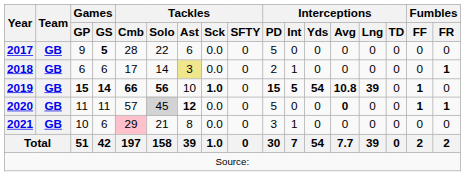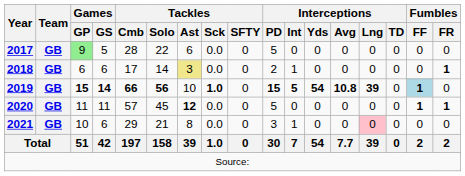 <table class="wikitable" style="text-align: center;">
 <tr>
 <th rowspan="2">Year</th>
 <th rowspan="2">Team</th>
 <th colspan="2">Games</th>
 <th colspan="5">Tackles</th>
 <th colspan="6">Interceptions</th>
 <th colspan="2">Fumbles</th>
 </tr>
 <tr>
 <th>GP</th>
 <th>GS</th>
 <th>Cmb</th>
 <th>Solo</th>
 <th>Ast</th>
 <th>Sck</th>
 <th>SFTY</th>
 <th>PD</th>
 <th>Int</th>
 <th>Yds</th>
 <th>Avg</th>
 <th>Lng</th>
 <th>TD</th>
 <th>FF</th>
 <th>FR</th>
 </tr>
 <tr>
 <th><a href='#'>2017</a></th>
 <th><a href='#'>GB</a></th>
-<td>9</td>
-<td><strong>5</strong></td>
+<td style="background: lightgreen;">9</td>
+<td>5</td>
 <td>28</td>
 <td>22</td>
 <td>6</td>
 <td>0.0</td>
 <td>0</td>
 <td>5</td>
 <td>0</td>
 <td>0</td>
 <td>0</td>
 <td>0</td>
 <td>0</td>
 <td>0</td>
 <td>0</td>
 </tr>
 <tr>
 <th><a href='#'>2018</a></th>
 <th><a href='#'>GB</a></th>
 <td>6</td>
 <td>6</td>
 <td>17</td>
 <td>14</td>
 <td style="background: khaki;">3</td>
 <td>0.0</td>
 <td>0</td>
 <td>2</td>
 <td>1</td>
 <td>0</td>
 <td>0</td>
 <td>0</td>
 <td>0</td>
 <td>0</td>
 <td><strong>1</strong></td>
 </tr>
 <tr>
 <th><a href='#'>2019</a></th>
 <th><a href='#'>GB</a></th>
 <td><strong>15</strong></td>
 <td><strong>14</strong></td>
 <td><strong>66</strong></td>
 <td><strong>56</strong></td>
 <td>10</td>
 <td><strong>1.0</strong></td>
 <td>0</td>
 <td><strong>15</strong></td>
 <td><strong>5</strong></td>
 <td><strong>54</strong></td>
 <td><strong>10.8</strong></td>
 <td><strong>39</strong></td>
 <td>0</td>
-<td><strong>1</strong></td>
+<td style="background: lightblue;"><strong>1</strong></td>
 <td>0</td>
 </tr>
 <tr>
 <th><a href='#'>2020</a></th>
 <th><a href='#'>GB</a></th>
 <td>11</td>
 <td>11</td>
 <td>57</td>
-<td style="background: lightgrey;">45</td>
+<td>45</td>
 <td><strong>12</strong></td>
 <td>0.0</td>
 <td>0</td>
 <td>5</td>
 <td>0</td>
 <td>0</td>
-<td><strong>0</strong></td>
+<td>0</td>
 <td>0</td>
 <td>0</td>
 <td><strong>1</strong></td>
 <td><strong>1</strong></td>
 </tr>
 <tr>
 <th><a href='#'>2021</a></th>
 <th><a href='#'>GB</a></th>
 <td>10</td>
 <td>6</td>
-<td style="background: pink;">29</td>
+<td>29</td>
 <td>21</td>
 <td>8</td>
 <td>0.0</td>
 <td>0</td>
 <td>3</td>
 <td>1</td>
 <td>0</td>
 <td>0</td>
-<td>0</td>
+<td style="background: pink;">0</td>
 <td>0</td>
 <td>0</td>
 <td>0</td>
 </tr>
 <tr>
 <th colspan="2">Total</th>
 <th>51</th>
 <th>42</th>
 <th>197</th>
 <th>158</th>
 <th>39</th>
 <th>1.0</th>
 <th>0</th>
 <th>30</th>
 <th>7</th>
 <th>54</th>
 <th>7.7</th>
 <th>39</th>
 <th>0</th>
 <th>2</th>
 <th>2</th>
 </tr>
 <tr>
 <td colspan="17"><small>Source: </small></td>
 </tr>
 </table>
